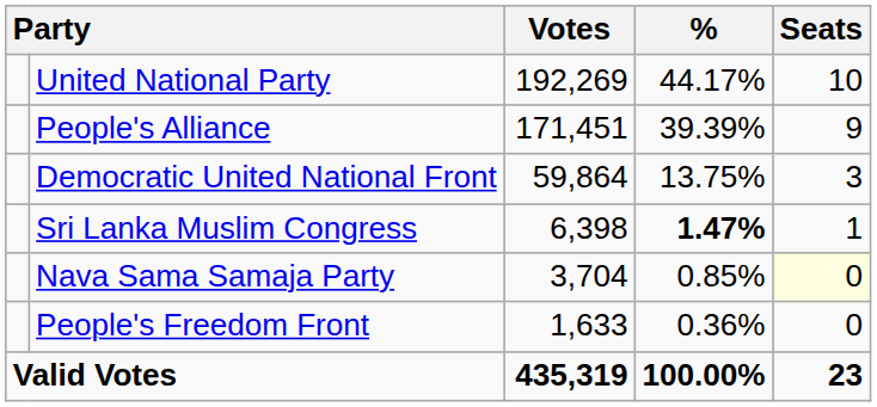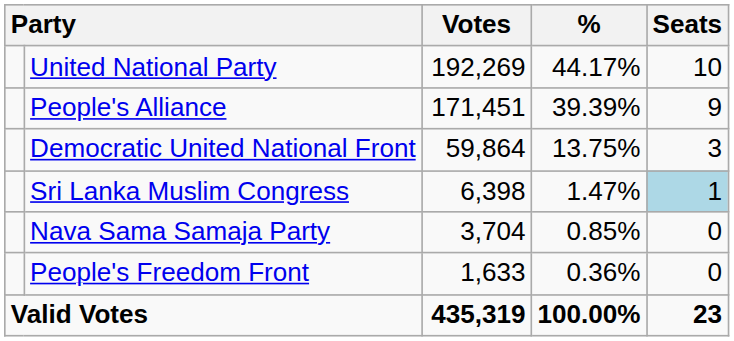 <table class="wikitable" style="text-align:right;">
 <tr>
 <th style="text-align:left;" colspan="2">Party</th>
 <th style="text-align:center; width:60px;">Votes</th>
 <th style="text-align:center; width:60px;">%</th>
 <th style="text-align:center; width:40px;">Seats</th>
 </tr>
 <tr>
 <td bgcolor=> </td>
 <td align=left><a href='#'>United National Party</a></td>
 <td>192,269</td>
 <td>44.17%</td>
 <td>10</td>
 </tr>
 <tr>
 <td bgcolor=> </td>
 <td align=left><a href='#'>People's Alliance</a> </td>
 <td>171,451</td>
 <td>39.39%</td>
 <td>9</td>
 </tr>
 <tr>
 <td bgcolor=> </td>
 <td align=left><a href='#'>Democratic United National Front</a></td>
 <td>59,864</td>
 <td>13.75%</td>
 <td>3</td>
 </tr>
 <tr>
 <td bgcolor=> </td>
 <td align=left><a href='#'>Sri Lanka Muslim Congress</a></td>
 <td>6,398</td>
-<td><strong>1.47%</strong></td>
-<td>1</td>
+<td>1.47%</td>
+<td style="background: lightblue;">1</td>
 </tr>
 <tr>
 <td bgcolor=> </td>
 <td align=left><a href='#'>Nava Sama Samaja Party</a></td>
 <td>3,704</td>
 <td>0.85%</td>
-<td style="background: lightyellow;">0</td>
+<td>0</td>
 </tr>
 <tr>
 <td bgcolor=> </td>
 <td align=left><a href='#'>People's Freedom Front</a></td>
 <td>1,633</td>
 <td>0.36%</td>
 <td>0</td>
 </tr>
 <tr style="font-weight:bold">
 <td style="text-align:left;" colspan="2">Valid Votes</td>
 <td>435,319</td>
 <td>100.00%</td>
 <td>23</td>
 </tr>
 </table>
